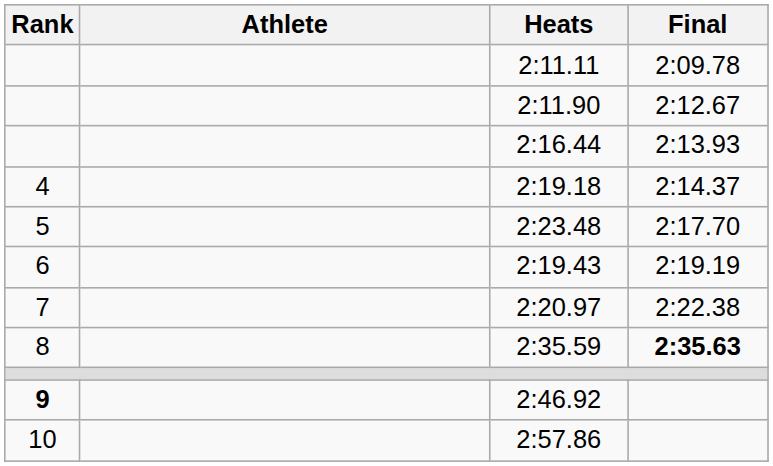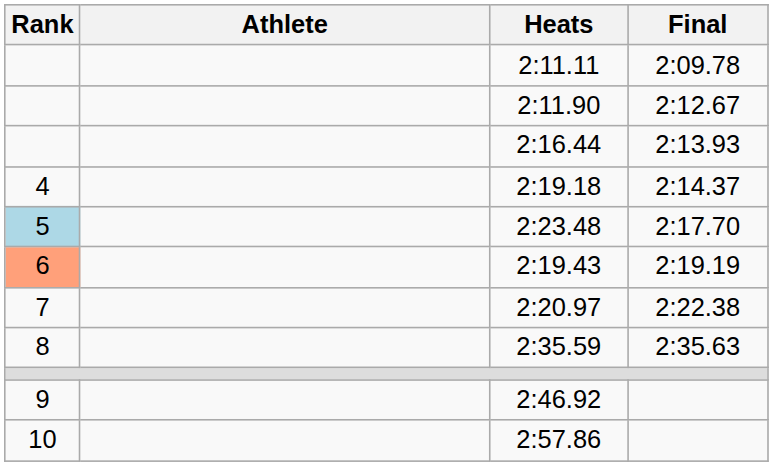 <table class=wikitable style="text-align:center">
 <tr>
 <th width=40>Rank</th>
 <th width=250>Athlete</th>
 <th width=80>Heats</th>
 <th width=80>Final</th>
 </tr>
 <tr>
 <td></td>
 <td align=left></td>
 <td>2:11.11</td>
 <td>2:09.78</td>
 </tr>
 <tr>
 <td></td>
 <td align=left></td>
 <td>2:11.90</td>
 <td>2:12.67</td>
 </tr>
 <tr>
 <td></td>
 <td align=left></td>
 <td>2:16.44</td>
 <td>2:13.93</td>
 </tr>
 <tr>
 <td>4</td>
 <td align=left></td>
 <td>2:19.18</td>
 <td>2:14.37</td>
 </tr>
 <tr>
-<td>5</td>
+<td style="background: lightblue;">5</td>
 <td align=left></td>
 <td>2:23.48</td>
 <td>2:17.70</td>
 </tr>
 <tr>
-<td>6</td>
+<td style="background: lightsalmon;">6</td>
 <td align=left></td>
 <td>2:19.43</td>
 <td>2:19.19</td>
 </tr>
 <tr>
 <td>7</td>
 <td align=left></td>
 <td>2:20.97</td>
 <td>2:22.38</td>
 </tr>
 <tr>
 <td>8</td>
 <td align=left></td>
 <td>2:35.59</td>
-<td><strong>2:35.63</strong></td>
+<td>2:35.63</td>
 </tr>
 <tr bgcolor=#DDDDDD>
 <td colspan=4></td>
 </tr>
 <tr>
-<td><strong>9</strong></td>
+<td>9</td>
 <td align=left></td>
 <td>2:46.92</td>
 <td></td>
 </tr>
 <tr>
 <td>10</td>
 <td align=left></td>
 <td>2:57.86</td>
 <td></td>
 </tr>
 </table>
